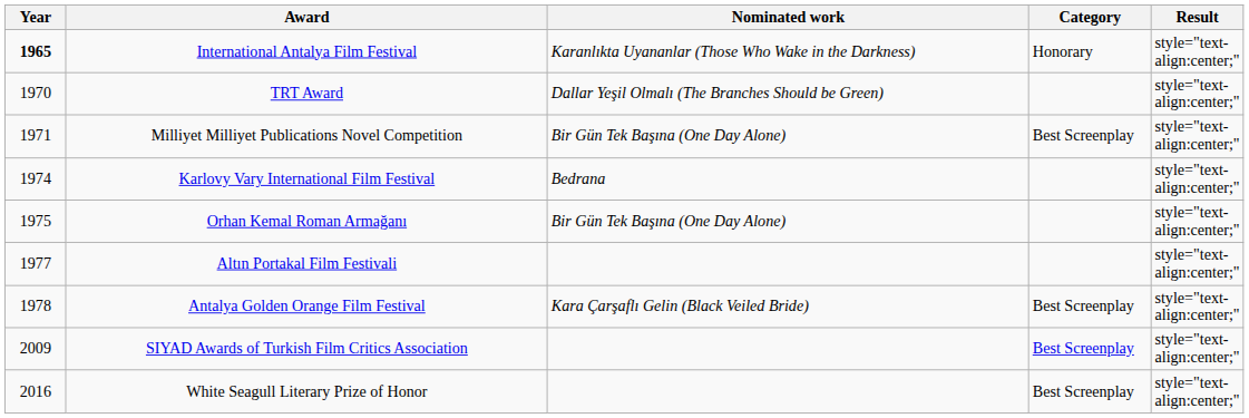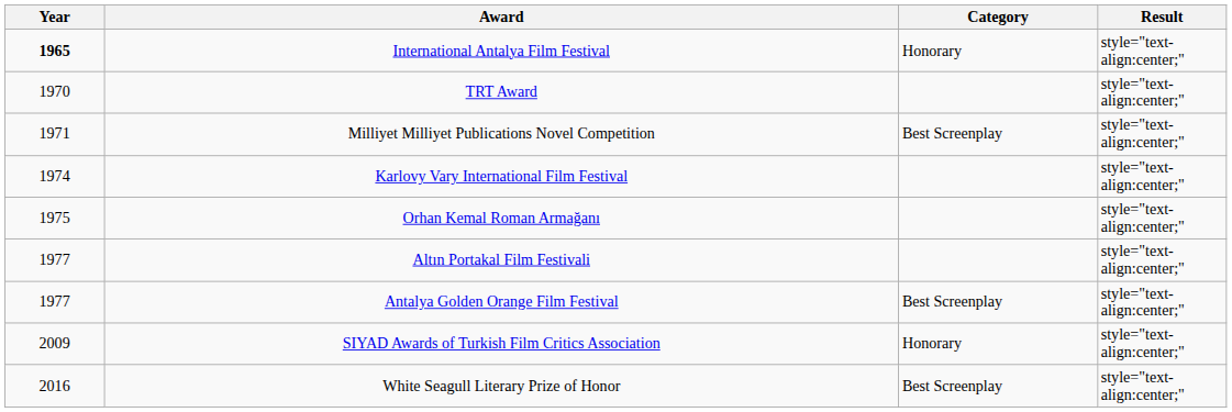 <table class="wikitable sortable" width=100%>
 <tr>
 <th width=5%>Year</th>
 <th style="width:40%;">Award</th>
-<th style="width:40%;">Nominated work</th>
 <th style="width:10%;">Category</th>
 <th width=5%>Result</th>
 </tr>
 <tr>
 <td style="text-align:center;"><strong>1965</strong></td>
 <td style="text-align:center;"><a href='#'>International Antalya Film Festival</a></td>
-<td style="text-align:left;"><em>Karanlıkta Uyananlar (Those Who Wake in the Darkness)</em></td>
 <td>Honorary</td>
 <td>style="text-align:center;"</td>
 </tr>
 <tr>
 <td style="text-align:center;">1970</td>
 <td style="text-align:center;"><a href='#'>TRT Award</a></td>
-<td style="text-align:left;"><em>Dallar Yeşil Olmalı (The Branches Should be Green)</em></td>
 <td></td>
 <td>style="text-align:center;"</td>
 </tr>
 <tr>
 <td style="text-align:center;">1971</td>
 <td style="text-align:center;">Milliyet Milliyet Publications Novel Competition</td>
-<td><em>Bir Gün Tek Başına (One Day Alone)</em></td>
 <td>Best Screenplay</td>
 <td>style="text-align:center;"</td>
 </tr>
 <tr>
 <td style="text-align:center;">1974</td>
 <td style="text-align:center;"><a href='#'>Karlovy Vary International Film Festival</a></td>
-<td><em>Bedrana</em></td>
 <td></td>
 <td>style="text-align:center;"</td>
 </tr>
 <tr>
 <td style="text-align:center;">1975</td>
 <td style="text-align:center;"><a href='#'>Orhan Kemal Roman Armağanı</a></td>
-<td><em>Bir Gün Tek Başına (One Day Alone)</em></td>
 <td></td>
 <td>style="text-align:center;"</td>
 </tr>
 <tr>
 <td style="text-align:center;">1977</td>
 <td style="text-align:center;"><a href='#'>Altın Portakal Film Festivali</a></td>
 <td></td>
-<td></td>
 <td>style="text-align:center;"</td>
 </tr>
 <tr>
-<td style="text-align:center;">1978</td>
+<td style="text-align:center;">1977</td>
 <td style="text-align:center;"><a href='#'>Antalya Golden Orange Film Festival</a></td>
-<td><em>Kara Çarşaflı Gelin (Black Veiled Bride)</em></td>
 <td>Best Screenplay</td>
 <td>style="text-align:center;"</td>
 </tr>
 <tr>
 <td style="text-align:center;">2009</td>
 <td style="text-align:center;"><a href='#'>SIYAD Awards of Turkish Film Critics Association</a></td>
-<td></td>
-<td><a href='#'>Best Screenplay</a></td>
+<td>Honorary</td>
 <td>style="text-align:center;"</td>
 </tr>
 <tr>
 <td style="text-align:center;">2016</td>
 <td style="text-align:center;">White Seagull Literary Prize of Honor</td>
-<td></td>
 <td>Best Screenplay</td>
 <td>style="text-align:center;"</td>
 </tr>
 </table>
